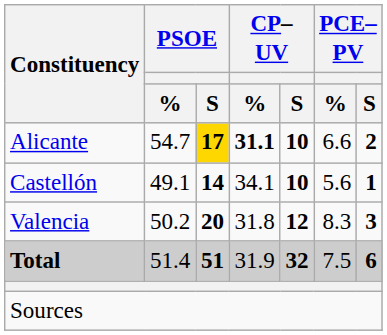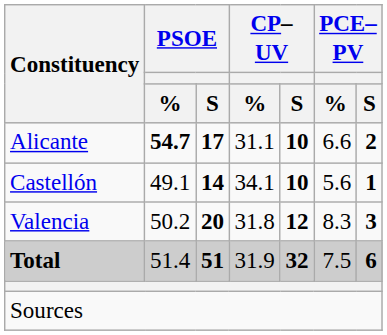 <table class="wikitable sortable" style="text-align:right; line-height:20px;">
 <tr>
 <th rowspan="3">Constituency</th>
 <th colspan="2" width="30px" class="unsortable"><a href='#'>PSOE</a></th>
 <th colspan="2" width="30px" class="unsortable"><a href='#'>CP</a>–<a href='#'>UV</a></th>
 <th colspan="2" width="30px" class="unsortable"><a href='#'>PCE–PV</a></th>
 </tr>
 <tr>
 <th colspan="2" style="background:"></th>
 <th colspan="2" style="background:"></th>
 <th colspan="2" style="background:"></th>
 </tr>
 <tr>
 <th data-sort-type="number">%</th>
 <th data-sort-type="number">S</th>
 <th data-sort-type="number">%</th>
 <th data-sort-type="number">S</th>
 <th data-sort-type="number">%</th>
 <th data-sort-type="number">S</th>
 </tr>
 <tr>
 <td align="left"><a href='#'>Alicante</a></td>
-<td style="background:">54.7</td>
-<td style="background: gold;"><strong>17</strong></td>
-<td><strong>31.1</strong></td>
+<td style="background:"><strong>54.7</strong></td>
+<td><strong>17</strong></td>
+<td>31.1</td>
 <td><strong>10</strong></td>
 <td>6.6</td>
 <td><strong>2</strong></td>
 </tr>
 <tr>
 <td align="left"><a href='#'>Castellón</a></td>
 <td style="background:">49.1</td>
 <td><strong>14</strong></td>
 <td>34.1</td>
 <td><strong>10</strong></td>
 <td>5.6</td>
 <td><strong>1</strong></td>
 </tr>
 <tr>
 <td align="left"><a href='#'>Valencia</a></td>
 <td style="background:">50.2</td>
 <td><strong>20</strong></td>
 <td>31.8</td>
 <td><strong>12</strong></td>
 <td>8.3</td>
 <td><strong>3</strong></td>
 </tr>
 <tr style="background:#CDCDCD;">
 <td align="left"><strong>Total</strong></td>
 <td style="background:">51.4</td>
 <td><strong>51</strong></td>
 <td>31.9</td>
 <td><strong>32</strong></td>
 <td>7.5</td>
 <td><strong>6</strong></td>
 </tr>
 <tr>
 <th colspan="7"></th>
 </tr>
 <tr>
 <th style="text-align:left; font-weight:normal; background:#F9F9F9" colspan="7">Sources</th>
 </tr>
 </table>
